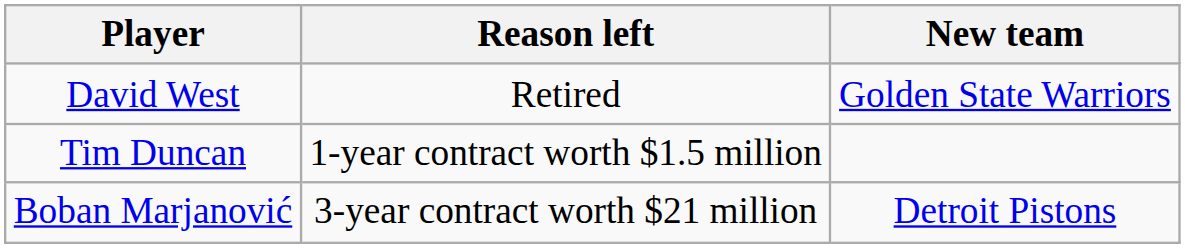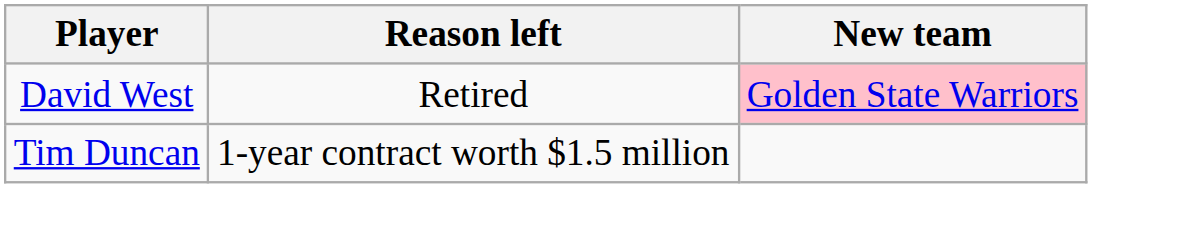 <table class="wikitable sortable sortable" style="text-align: center">
 <tr>
 <th>Player</th>
 <th>Reason left</th>
 <th>New team</th>
 </tr>
 <tr style="text-align: center">
 <td><a href='#'>David West</a></td>
 <td>Retired</td>
-<td><a href='#'>Golden State Warriors</a></td>
+<td style="background: pink;"><a href='#'>Golden State Warriors</a></td>
 </tr>
 <tr style="text-align: center">
 <td><a href='#'>Tim Duncan</a></td>
 <td>1-year contract worth $1.5 million</td>
 <td></td>
 </tr>
-<tr style="text-align: center">
-<td><a href='#'>Boban Marjanović</a></td>
-<td>3-year contract worth $21 million</td>
-<td><a href='#'>Detroit Pistons</a></td>
-</tr>
 </table>
